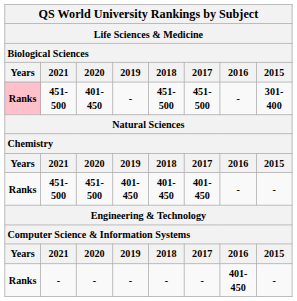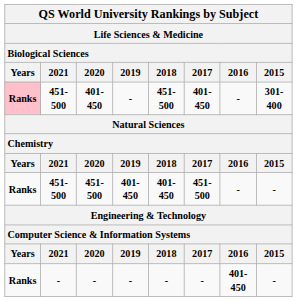 <table class="wikitable" width="30%" align="right" style="text-align:center;">
 <tr>
 <th colspan="8" style="background: ; color: black; ">QS World University Rankings by Subject</th>
 </tr>
 <tr>
 <th colspan="8" style="background: ; color: black; "><small>Life Sciences & Medicine</small></th>
 </tr>
 <tr>
 <th colspan="8" style="background: ; color: black; text-align:left; "><small><strong>Biological Sciences</strong></small></th>
 </tr>
 <tr>
 <th colspan="1" style="background: ; color: black; " width="12%"><small>Years</small></th>
 <th colspan="1" style="background: ; color: black; " width="12%"><small>2021</small></th>
 <th colspan="1" style="background: ; color: black; " width="12%"><small>2020</small></th>
 <th colspan="1" style="background: ; color: black; " width="12%"><small>2019</small></th>
 <th colspan="1" style="background: ; color: black; " width="12%"><small>2018</small></th>
 <th colspan="1" style="background: ; color: black; " width="12%"><small>2017</small></th>
 <th colspan="1" style="background: ; color: black; " width="12%"><small>2016</small></th>
 <th colspan="1" style="background: ; color: black; " width="12%"><small>2015</small></th>
 </tr>
 <tr>
 <td style="background: pink;"><small><strong>Ranks</strong></small></td>
 <td><small> <strong>451-500</strong></small></td>
 <td><small><strong>401-450</strong></small></td>
 <td><small> <strong>-</strong></small></td>
 <td><small><strong>451-500</strong></small></td>
-<td><small><strong>451-500</strong></small></td>
+<td><small> <strong>401-450</strong></small></td>
 <td><small> <strong>-</strong></small></td>
 <td><small> <strong>301-400</strong></small></td>
 </tr>
 <tr>
 <th colspan="8" style="background: ; color: black; "><small>Natural Sciences</small></th>
 </tr>
 <tr>
 <th colspan="8" style="background: ; color: black; text-align:left; "><small><strong>Chemistry</strong></small></th>
 </tr>
 <tr>
 <th colspan="1" style="background: ; color: black; " width="12%"><small>Years</small></th>
 <th colspan="1" style="background: ; color: black; " width="12%"><small>2021</small></th>
 <th colspan="1" style="background: ; color: black; " width="12%"><small>2020</small></th>
 <th colspan="1" style="background: ; color: black; " width="12%"><small>2019</small></th>
 <th colspan="1" style="background: ; color: black; " width="12%"><small>2018</small></th>
 <th colspan="1" style="background: ; color: black; " width="12%"><small>2017</small></th>
 <th colspan="1" style="background: ; color: black; " width="12%"><small>2016</small></th>
 <th colspan="1" style="background: ; color: black; " width="12%"><small>2015</small></th>
 </tr>
 <tr>
 <td width="12%"><small><strong>Ranks</strong></small></td>
 <td><small> <strong>451-500</strong></small></td>
 <td><small> <strong>451-500</strong></small></td>
 <td><small><strong>401-450</strong></small></td>
 <td><small> <strong>401-450</strong></small></td>
-<td><small> <strong>401-450</strong></small></td>
+<td><small><strong>451-500</strong></small></td>
 <td><small><strong>-</strong></small></td>
 <td><small><strong>-</strong></small></td>
 </tr>
 <tr>
 <th colspan="8" style="background: ; color: black; "><small>Engineering & Technology</small></th>
 </tr>
 <tr>
 <th colspan="8" style="background: ; color: black; text-align:left; "><small><strong>Computer Science & Information Systems</strong></small></th>
 </tr>
 <tr>
 <th colspan="1" style="background: ; color: black; " width="12%"><small>Years</small></th>
 <th colspan="1" style="background: ; color: black; " width="12%"><small>2021</small></th>
 <th colspan="1" style="background: ; color: black; " width="12%"><small>2020</small></th>
 <th colspan="1" style="background: ; color: black; " width="12%"><small>2019</small></th>
 <th colspan="1" style="background: ; color: black; " width="12%"><small>2018</small></th>
 <th colspan="1" style="background: ; color: black; " width="12%"><small>2017</small></th>
 <th colspan="1" style="background: ; color: black; " width="12%"><small>2016</small></th>
 <th colspan="1" style="background: ; color: black; " width="12%"><small>2015</small></th>
 </tr>
 <tr>
 <td width="12%"><small> <strong>Ranks</strong></small></td>
 <td><small><strong>-</strong></small></td>
 <td><small><strong>-</strong></small></td>
 <td><small><strong>-</strong></small></td>
 <td><small><strong>-</strong></small></td>
 <td><small><strong>-</strong></small></td>
 <td><small><strong>401-450</strong></small></td>
 <td><small><strong>-</strong></small></td>
 </tr>
 </table>
